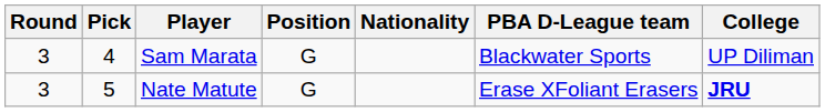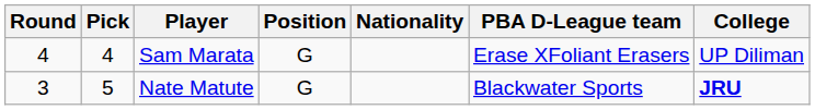 <table class="wikitable sortable sortable">
 <tr>
 <th>Round</th>
 <th>Pick</th>
 <th>Player</th>
 <th>Position</th>
 <th>Nationality</th>
 <th>PBA D-League team</th>
 <th>College</th>
 </tr>
 <tr>
-<td align=center>3</td>
+<td align=center>4</td>
 <td align=center>4</td>
 <td><a href='#'>Sam Marata</a></td>
 <td align=center>G</td>
 <td></td>
-<td><a href='#'>Blackwater Sports</a></td>
+<td><a href='#'>Erase XFoliant Erasers</a></td>
 <td><a href='#'>UP Diliman</a></td>
 </tr>
 <tr>
 <td align=center>3</td>
 <td align=center>5</td>
 <td><a href='#'>Nate Matute</a></td>
 <td align=center>G</td>
 <td></td>
-<td><a href='#'>Erase XFoliant Erasers</a></td>
+<td><a href='#'>Blackwater Sports</a></td>
 <td><strong><a href='#'>JRU</a></strong></td>
 </tr>
 </table>
